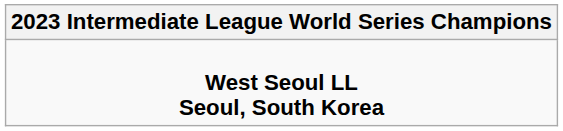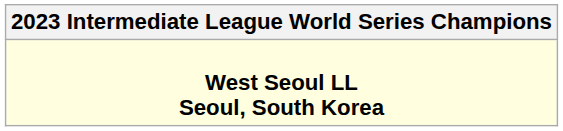 <table class="wikitable" style="text-align: center; margin: 0 auto;">
 <tr>
 <th>2023 Intermediate League World Series Champions</th>
 </tr>
 <tr>
-<td><br><strong>West Seoul LL</strong><br><strong>Seoul, South Korea</strong></td>
+<td style="background: lightyellow;"><br><strong>West Seoul LL</strong><br><strong>Seoul, South Korea</strong></td>
 </tr>
 </table>
